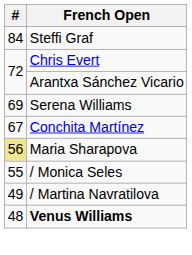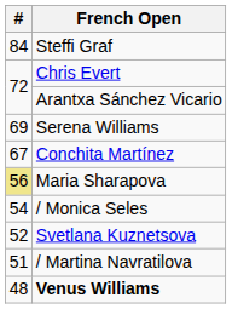 <table class="wikitable" style="display:inline-table;">
 <tr>
 <th>#</th>
 <th>French Open</th>
 </tr>
 <tr>
 <td>84</td>
 <td> Steffi Graf</td>
 </tr>
 <tr>
 <td rowspan=2>72</td>
 <td> <a href='#'>Chris Evert</a></td>
 </tr>
 <tr>
 <td> Arantxa Sánchez Vicario</td>
 </tr>
 <tr>
 <td>69</td>
 <td> Serena Williams</td>
 </tr>
 <tr>
 <td>67</td>
 <td> <a href='#'>Conchita Martínez</a></td>
 </tr>
 <tr>
 <td style="background: khaki;">56</td>
 <td> Maria Sharapova</td>
 </tr>
 <tr>
-<td>55</td>
+<td>54</td>
 <td>/ Monica Seles</td>
 </tr>
 <tr>
-<td>49</td>
+<td>52</td>
+<td> <a href='#'>Svetlana Kuznetsova</a></td>
+</tr>
+<tr>
+<td>51</td>
 <td>/ Martina Navratilova</td>
 </tr>
 <tr>
 <td>48</td>
 <td> <strong>Venus Williams</strong></td>
 </tr>
 </table>
